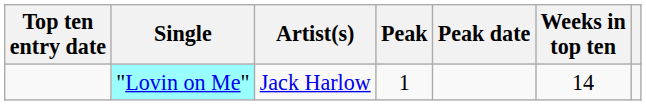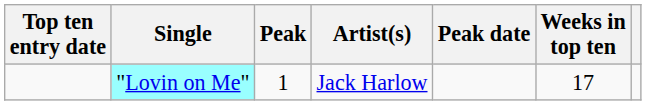 <table class="wikitable sortable">
 <tr>
 <th>Top ten<br>entry date</th>
 <th>Single</th>
+<th data-sort-type="number">Peak</th>
 <th>Artist(s)</th>
-<th data-sort-type="number">Peak</th>
 <th>Peak date</th>
 <th data-sort-type="number">Weeks in<br>top ten</th>
 <th></th>
 </tr>
 <tr>
 <td></td>
 <td style= "background:#9ff;">"<a href='#'>Lovin on Me</a>" </td>
+<td style="text-align:center;">1</td>
 <td><a href='#'>Jack Harlow</a></td>
-<td style="text-align:center;">1</td>
 <td></td>
-<td style="text-align:center;">14</td>
+<td style="text-align:center;">17</td>
 <td style="text-align:center;"> </td>
 </tr>
 </table>
